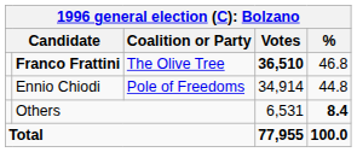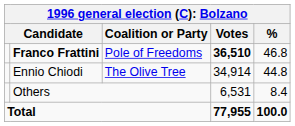 <table class=wikitable style=text-align:right>
 <tr>
 <th colspan=5><a href='#'>1996 general election</a> (<a href='#'>C</a>): <a href='#'>Bolzano</a></th>
 </tr>
 <tr>
 <th colspan=2>Candidate</th>
 <th>Coalition or Party</th>
 <th>Votes</th>
 <th>%</th>
 </tr>
 <tr>
 <td></td>
 <td align=left><strong>Franco Frattini</strong></td>
-<td align=left><a href='#'>The Olive Tree</a></td>
+<td align=left><a href='#'>Pole of Freedoms</a></td>
 <td><strong>36,510</strong></td>
 <td>46.8</td>
 </tr>
 <tr>
 <td></td>
 <td align=left>Ennio Chiodi</td>
-<td align=left><a href='#'>Pole of Freedoms</a></td>
+<td align=left><a href='#'>The Olive Tree</a></td>
 <td>34,914</td>
 <td>44.8</td>
 </tr>
 <tr>
 <td></td>
 <td align=left colspan=2>Others</td>
 <td>6,531</td>
-<td><strong>8.4</strong></td>
+<td>8.4</td>
 </tr>
 <tr>
 <td align=left colspan=3><strong>Total</strong></td>
 <td><strong>77,955</strong></td>
 <td><strong>100.0</strong></td>
 </tr>
 </table>
